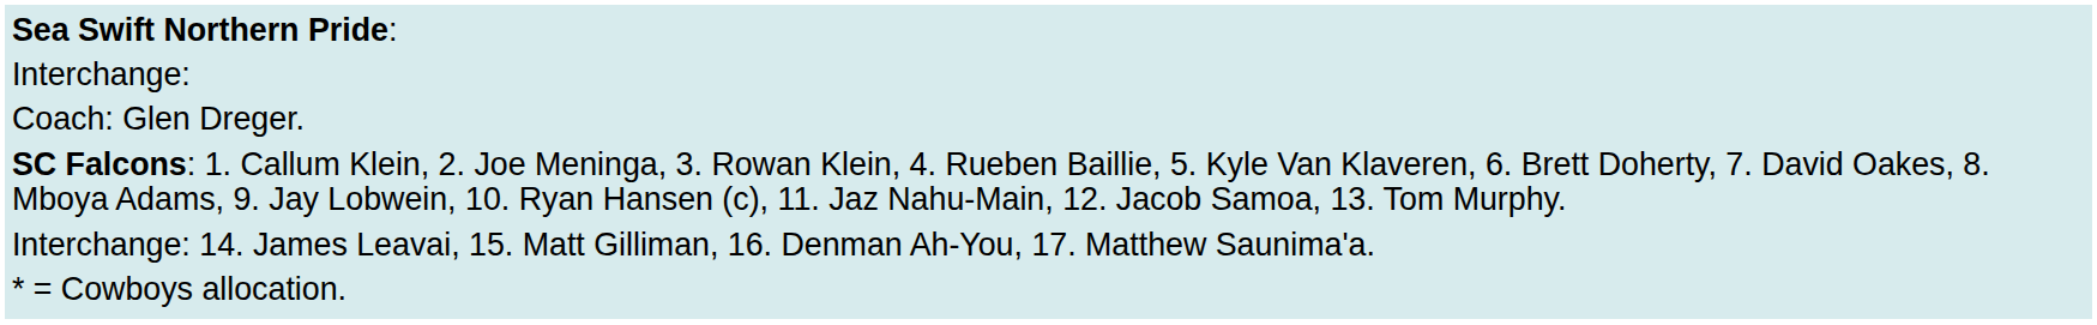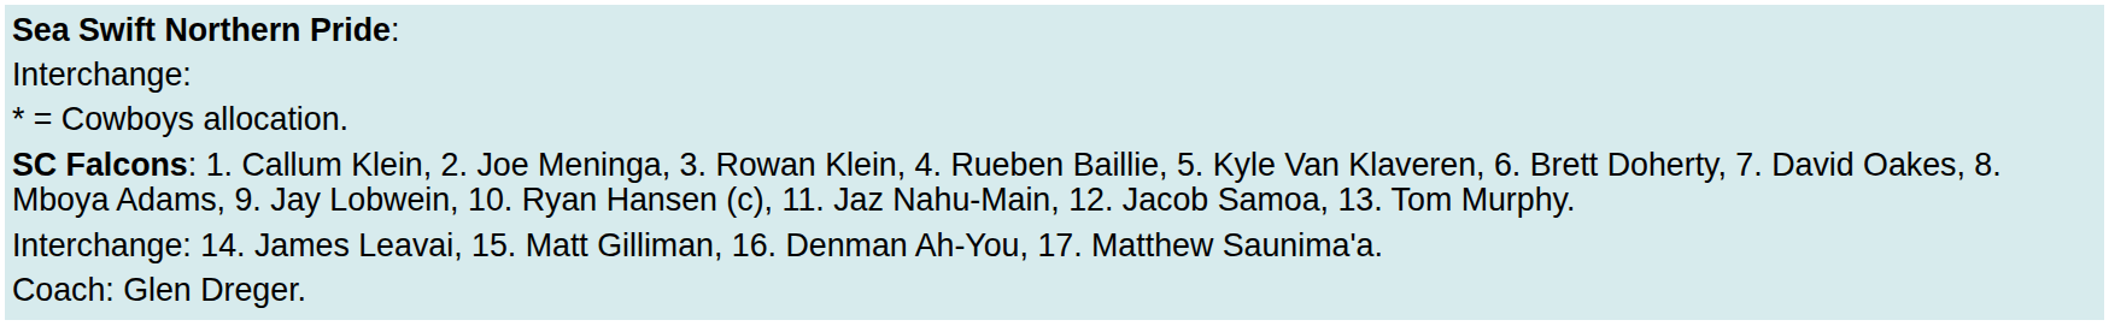 <table style="background:#d7ebed; font-size:85%; width:100%;">
 <tr>
 <td><strong>Sea Swift Northern Pride</strong>:             </td>
 </tr>
 <tr>
 <td>Interchange:    </td>
 </tr>
 <tr>
-<td>Coach: Glen Dreger.</td>
+<td>* = Cowboys allocation.</td>
 </tr>
 <tr>
 <td><strong>SC Falcons</strong>: 1. Callum Klein, 2. Joe Meninga, 3. Rowan Klein, 4. Rueben Baillie, 5. Kyle Van Klaveren, 6. Brett Doherty, 7. David Oakes, 8. Mboya Adams, 9. Jay Lobwein, 10. Ryan Hansen (c), 11. Jaz Nahu-Main, 12. Jacob Samoa, 13. Tom Murphy.</td>
 </tr>
 <tr>
 <td>Interchange: 14. James Leavai, 15. Matt Gilliman, 16. Denman Ah-You, 17. Matthew Saunima'a.</td>
 </tr>
 <tr>
-<td>* = Cowboys allocation.</td>
+<td>Coach: Glen Dreger.</td>
 </tr>
 <tr>
 </tr>
 </table>
